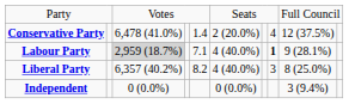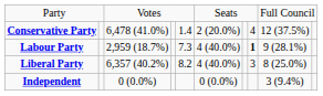 <table class=wikitable style="text-align:center;">
 <tr>
 <td colspan=2>Party</td>
 <td colspan=3>Votes</td>
 <td colspan=3>Seats</td>
 <td colspan=3>Full Council</td>
 </tr>
 <tr>
 <td><strong><a href='#'>Conservative Party</a></strong></td>
 <td style="background:"></td>
 <td>6,478 (41.0%)</td>
 <td></td>
 <td> 1.4</td>
 <td>2 (20.0%)</td>
 <td></td>
 <td> 4</td>
 <td>12 (37.5%)</td>
 <td></td>
 </tr>
 <tr>
 <td><strong><a href='#'>Labour Party</a></strong></td>
 <td style="background:"></td>
-<td style="background: lightgrey;">2,959 (18.7%)</td>
+<td>2,959 (18.7%)</td>
 <td></td>
-<td> 7.1</td>
+<td> 7.3</td>
 <td>4 (40.0%)</td>
 <td></td>
 <td><strong> 1</strong></td>
 <td>9 (28.1%)</td>
 <td></td>
 </tr>
 <tr>
 <td><strong><a href='#'>Liberal Party</a></strong></td>
 <td style="background:"></td>
 <td>6,357 (40.2%)</td>
 <td></td>
 <td> 8.2</td>
 <td>4  (40.0%)</td>
 <td></td>
 <td> 3</td>
 <td>8 (25.0%)</td>
 <td></td>
 </tr>
 <tr>
 <td><strong><a href='#'>Independent</a></strong></td>
 <td style="background:"></td>
 <td>0 (0.0%)</td>
 <td></td>
 <td></td>
 <td>0 (0.0%)</td>
 <td></td>
 <td></td>
 <td>3 (9.4%)</td>
 <td></td>
 </tr>
 </table>
